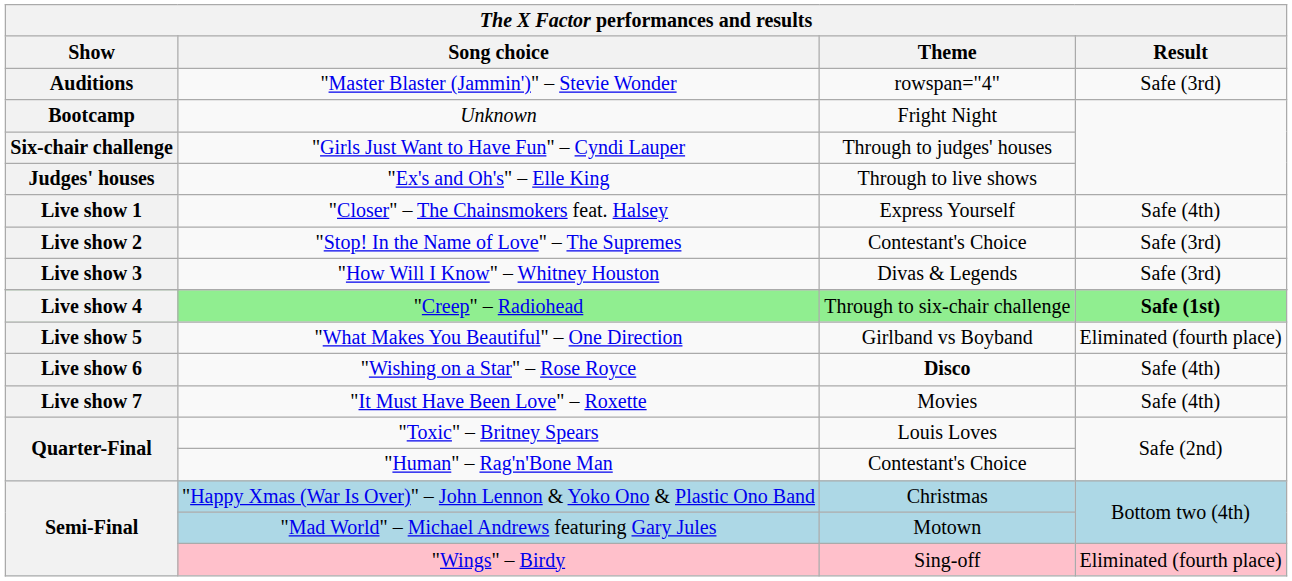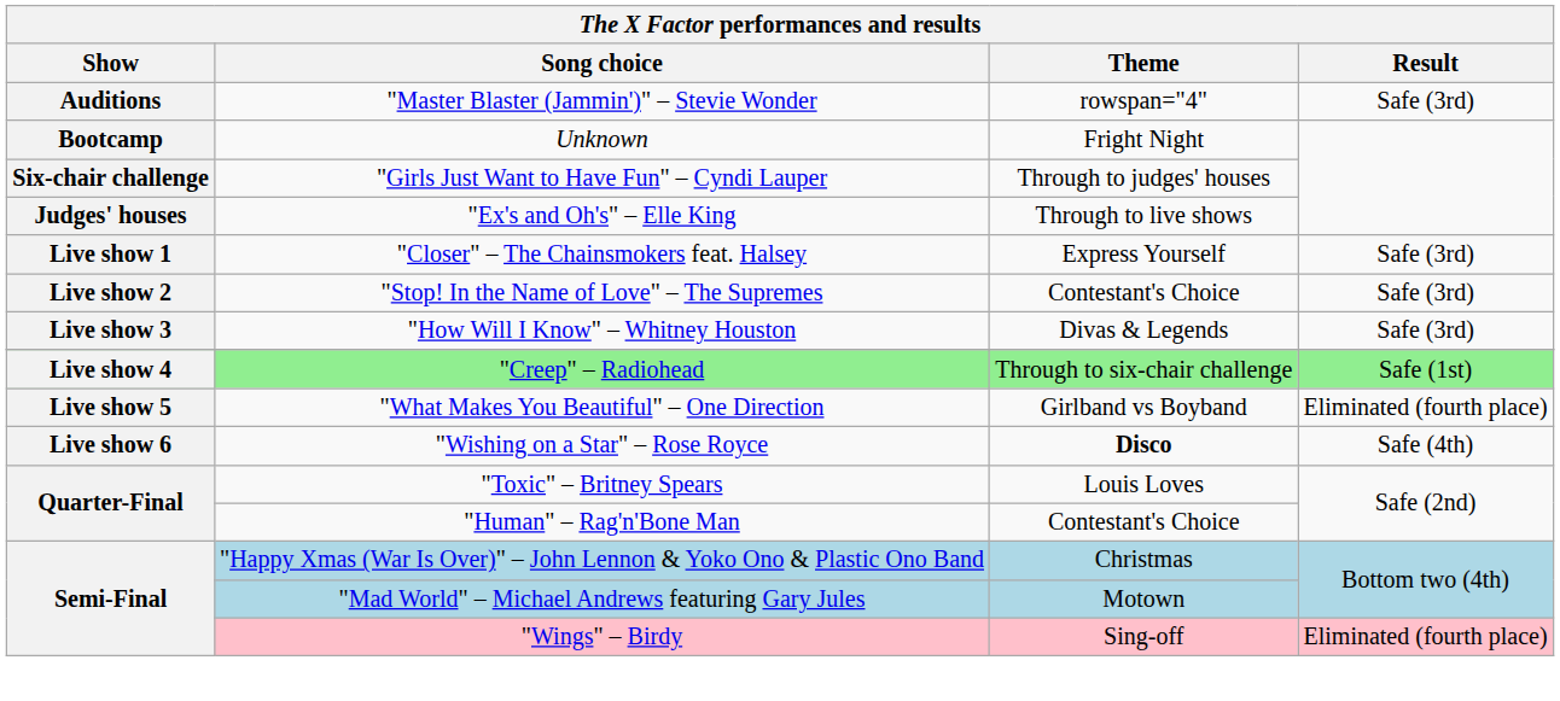 <table class="wikitable collapsible collapsed" style="margin:1em auto 1em auto; text-align:center;">
 <tr>
 <th colspan="4"><em>The X Factor</em> performances and results</th>
 </tr>
 <tr>
 <th style="text-align:centre;">Show</th>
 <th style="text-align:centre;">Song choice</th>
 <th style="text-align:centre;">Theme</th>
 <th style="text-align:centre;">Result</th>
 </tr>
 <tr>
 <th>Auditions</th>
 <td>"<a href='#'>Master Blaster (Jammin')</a>" – <a href='#'>Stevie Wonder</a></td>
 <td>rowspan="4" </td>
 <td>Safe (3rd)</td>
 </tr>
 <tr>
 <th>Bootcamp</th>
 <td><em>Unknown</em></td>
 <td>Fright Night</td>
 </tr>
 <tr>
 <th>Six-chair challenge</th>
 <td>"<a href='#'>Girls Just Want to Have Fun</a>" – <a href='#'>Cyndi Lauper</a></td>
 <td>Through to judges' houses</td>
 </tr>
 <tr>
 <th>Judges' houses</th>
 <td>"<a href='#'>Ex's and Oh's</a>" – <a href='#'>Elle King</a></td>
 <td>Through to live shows</td>
 </tr>
 <tr>
 <th>Live show 1</th>
 <td>"<a href='#'>Closer</a>" – <a href='#'>The Chainsmokers</a> feat. <a href='#'>Halsey</a></td>
 <td>Express Yourself</td>
-<td>Safe (4th)</td>
+<td>Safe (3rd)</td>
 </tr>
 <tr>
 <th>Live show 2</th>
 <td>"<a href='#'>Stop! In the Name of Love</a>" – <a href='#'>The Supremes</a></td>
 <td>Contestant's Choice</td>
 <td>Safe (3rd)</td>
 </tr>
 <tr>
 <th>Live show 3</th>
 <td>"<a href='#'>How Will I Know</a>" – <a href='#'>Whitney Houston</a></td>
 <td>Divas & Legends</td>
 <td>Safe (3rd)</td>
 </tr>
 <tr>
 </tr>
 <tr style="background:lightgreen;">
 <th>Live show 4</th>
 <td>"<a href='#'>Creep</a>" – <a href='#'>Radiohead</a></td>
 <td>Through to six-chair challenge</td>
-<td><strong>Safe (1st)</strong></td>
+<td>Safe (1st)</td>
 </tr>
 <tr>
 <th>Live show 5</th>
 <td>"<a href='#'>What Makes You Beautiful</a>" – <a href='#'>One Direction</a></td>
 <td>Girlband vs Boyband</td>
 <td>Eliminated (fourth place)</td>
 </tr>
 <tr>
 <th>Live show 6</th>
 <td>"<a href='#'>Wishing on a Star</a>" – <a href='#'>Rose Royce</a></td>
 <td><strong>Disco</strong></td>
-<td>Safe (4th)</td>
-</tr>
-<tr>
-<th>Live show 7</th>
-<td>"<a href='#'>It Must Have Been Love</a>" – <a href='#'>Roxette</a></td>
-<td>Movies</td>
 <td>Safe (4th)</td>
 </tr>
 <tr>
 <th rowspan="2">Quarter-Final</th>
 <td>"<a href='#'>Toxic</a>" – <a href='#'>Britney Spears</a></td>
 <td>Louis Loves</td>
 <td rowspan="2">Safe (2nd)</td>
 </tr>
 <tr>
 <td>"<a href='#'>Human</a>" – <a href='#'>Rag'n'Bone Man</a></td>
 <td>Contestant's Choice</td>
 </tr>
 <tr style="background:lightblue;">
 <th rowspan="3">Semi-Final</th>
 <td>"<a href='#'>Happy Xmas (War Is Over)</a>" – <a href='#'>John Lennon</a> & <a href='#'>Yoko Ono</a> & <a href='#'>Plastic Ono Band</a></td>
 <td>Christmas</td>
 <td rowspan="2">Bottom two (4th)</td>
 </tr>
 <tr style="background:lightblue;">
 <td>"<a href='#'>Mad World</a>" – <a href='#'>Michael Andrews</a> featuring <a href='#'>Gary Jules</a></td>
 <td>Motown</td>
 </tr>
 <tr style="background:pink;">
 <td>"<a href='#'>Wings</a>" – <a href='#'>Birdy</a></td>
 <td>Sing-off</td>
 <td>Eliminated (fourth place)</td>
 </tr>
 </table>
